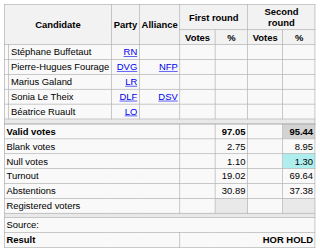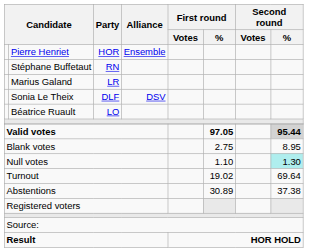 <table class="wikitable" style="text-align:right;font-size:95%;">
 <tr>
 <th colspan="2" rowspan="2">Candidate</th>
 <th colspan="1" rowspan="2">Party</th>
 <th colspan="1" rowspan="2">Alliance</th>
 <th colspan="2">First round</th>
 <th colspan="2">Second round</th>
 </tr>
 <tr>
 <th style="width:50px;">Votes</th>
 <th style="width:45px;">%</th>
 <th style="width:50px;">Votes</th>
 <th style="width:45px;">%</th>
 </tr>
 <tr>
 <td style="color:inherit;background:"></td>
+<td style="text-align:left;"><a href='#'>Pierre Henriet</a></td>
+<td><a href='#'>HOR</a></td>
+<td><a href='#'>Ensemble</a></td>
+<td></td>
+<td></td>
+<td><strong></strong></td>
+<td><strong></strong></td>
+</tr>
+<tr>
+<td style="color:inherit;background:"></td>
 <td style="text-align:left;">Stéphane Buffetaut</td>
 <td><a href='#'>RN</a></td>
 <td></td>
-<td></td>
-<td></td>
-<td></td>
-<td></td>
-</tr>
-<tr>
-<td style="color:inherit;background:"></td>
-<td style="text-align:left;">Pierre-Hugues Fourage</td>
-<td><a href='#'>DVG</a></td>
-<td><a href='#'>NFP</a></td>
 <td></td>
 <td></td>
 <td></td>
 <td></td>
 </tr>
 <tr>
 <td style="color:inherit;background:"></td>
 <td style="text-align:left;">Marius Galand</td>
 <td><a href='#'>LR</a></td>
 <td></td>
 <td></td>
 <td></td>
 <td></td>
 <td></td>
 </tr>
 <tr>
 <td style="color:inherit;background:"></td>
 <td style="text-align:left;">Sonia Le Theix</td>
 <td><a href='#'>DLF</a></td>
 <td><a href='#'>DSV</a></td>
 <td></td>
 <td></td>
 <td></td>
 <td></td>
 </tr>
 <tr>
 <td style="color:inherit;background:"></td>
 <td style="text-align:left;">Béatrice Ruault</td>
 <td><a href='#'>LO</a></td>
 <td></td>
 <td></td>
 <td></td>
 <td></td>
 <td></td>
 </tr>
 <tr>
 <td colspan="8" style="background:#E9E9E9;"></td>
 </tr>
 <tr>
 </tr>
 <tr style="font-weight:bold;">
 <td colspan="4" style="text-align:left;">Valid votes</td>
 <td></td>
 <td>97.05</td>
 <td></td>
 <td style="background: lightgrey;">95.44</td>
 </tr>
 <tr>
 <td colspan="4" style="text-align:left;">Blank votes</td>
 <td></td>
 <td>2.75</td>
 <td></td>
 <td>8.95</td>
 </tr>
 <tr>
 <td colspan="4" style="text-align:left;">Null votes</td>
 <td></td>
 <td>1.10</td>
 <td></td>
 <td style="background: paleturquoise;">1.30</td>
 </tr>
 <tr>
 <td colspan="4" style="text-align:left;">Turnout</td>
 <td></td>
 <td>19.02</td>
 <td></td>
 <td>69.64</td>
 </tr>
 <tr>
 <td colspan="4" style="text-align:left;">Abstentions</td>
 <td></td>
 <td>30.89</td>
 <td></td>
 <td>37.38</td>
 </tr>
 <tr>
 <td colspan="4" style="text-align:left;">Registered voters</td>
 <td></td>
 <td style="background:#E9E9E9;"></td>
 <td></td>
 <td style="background:#E9E9E9;"></td>
 </tr>
 <tr>
 <td colspan="8" style="background:#E9E9E9;"></td>
 </tr>
 <tr>
 <td colspan="8" style="text-align:left;">Source: </td>
 </tr>
 <tr style="font-weight:bold">
 <td colspan="4" style="text-align:left;">Result</td>
 <td colspan="4" style="background-color:">HOR HOLD</td>
 </tr>
 </table>
